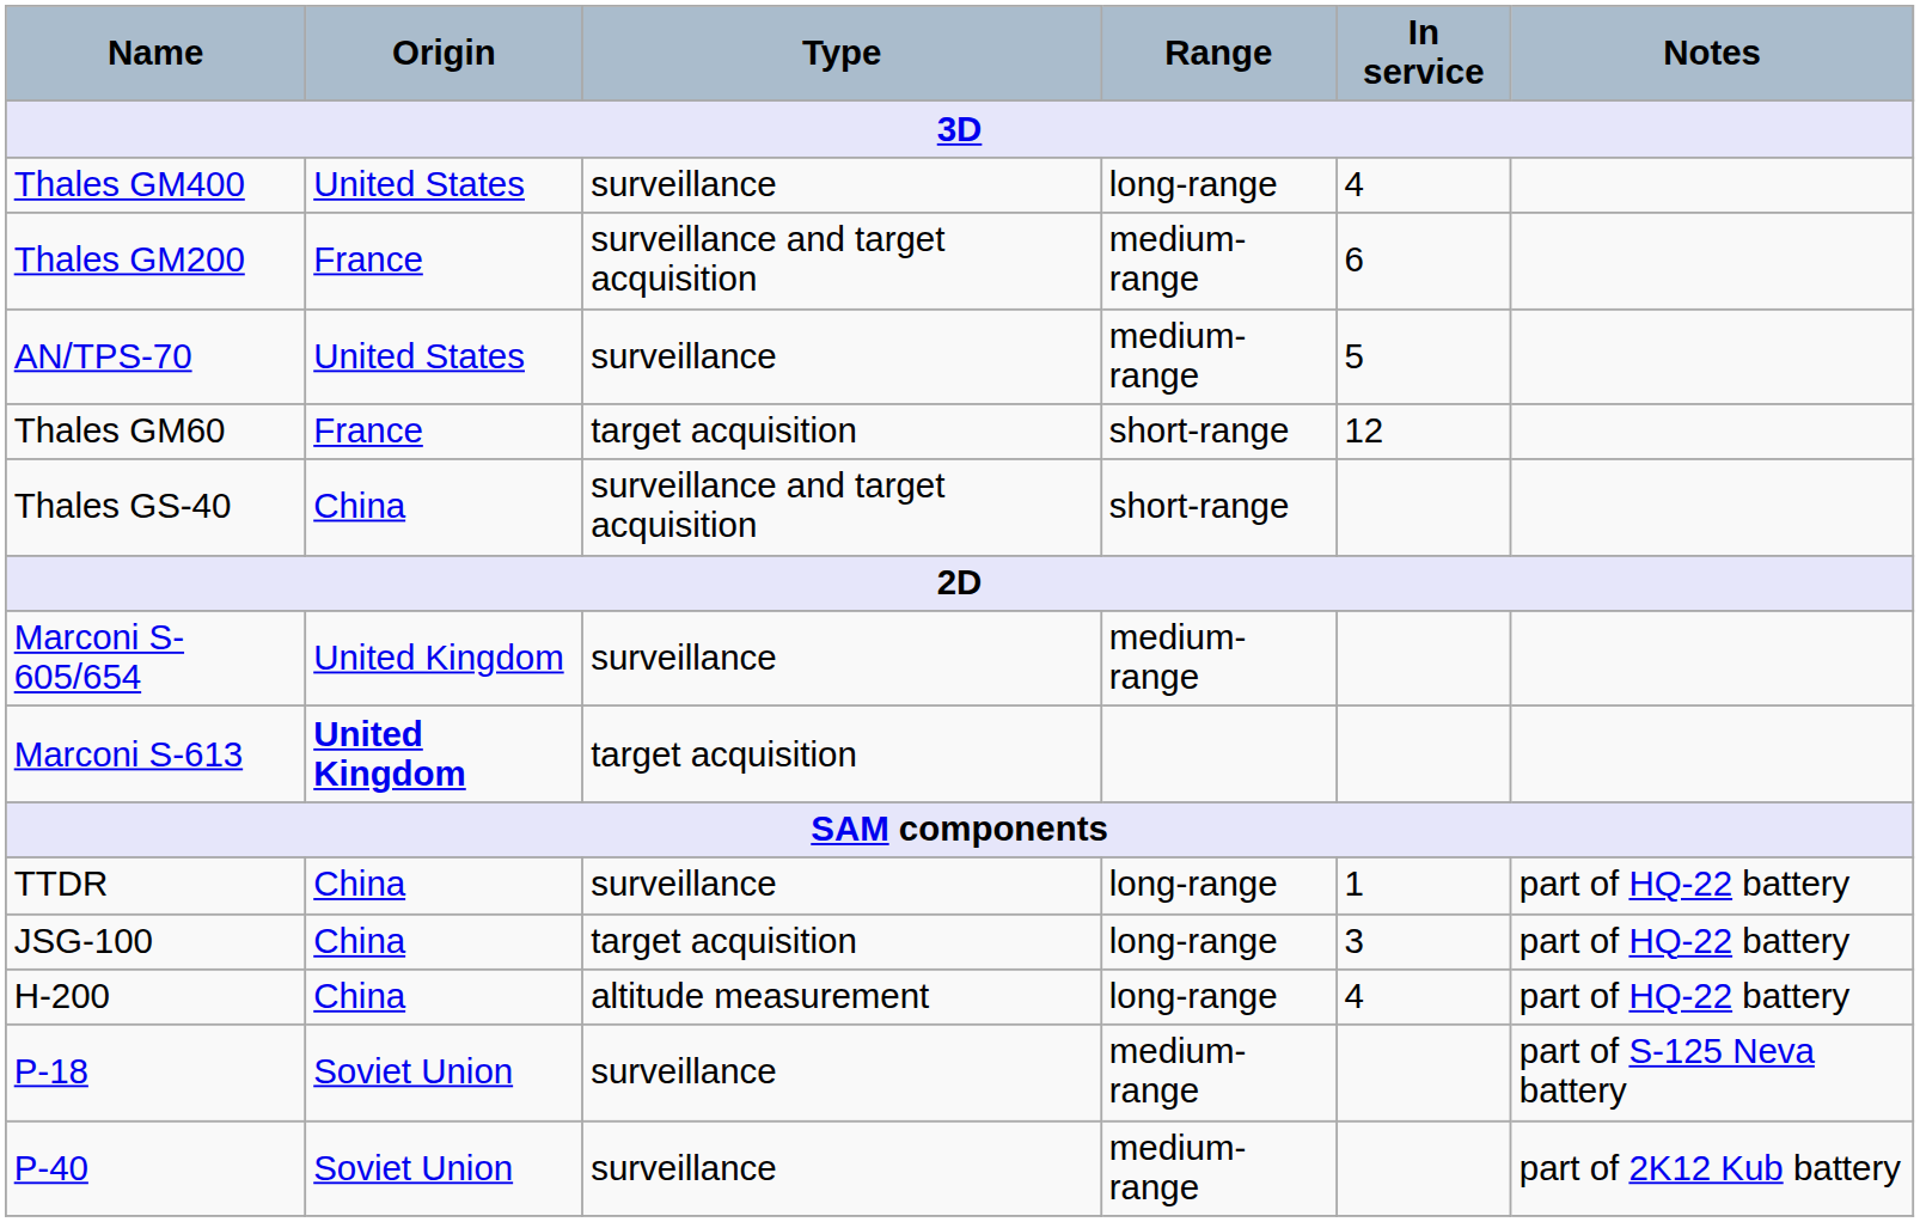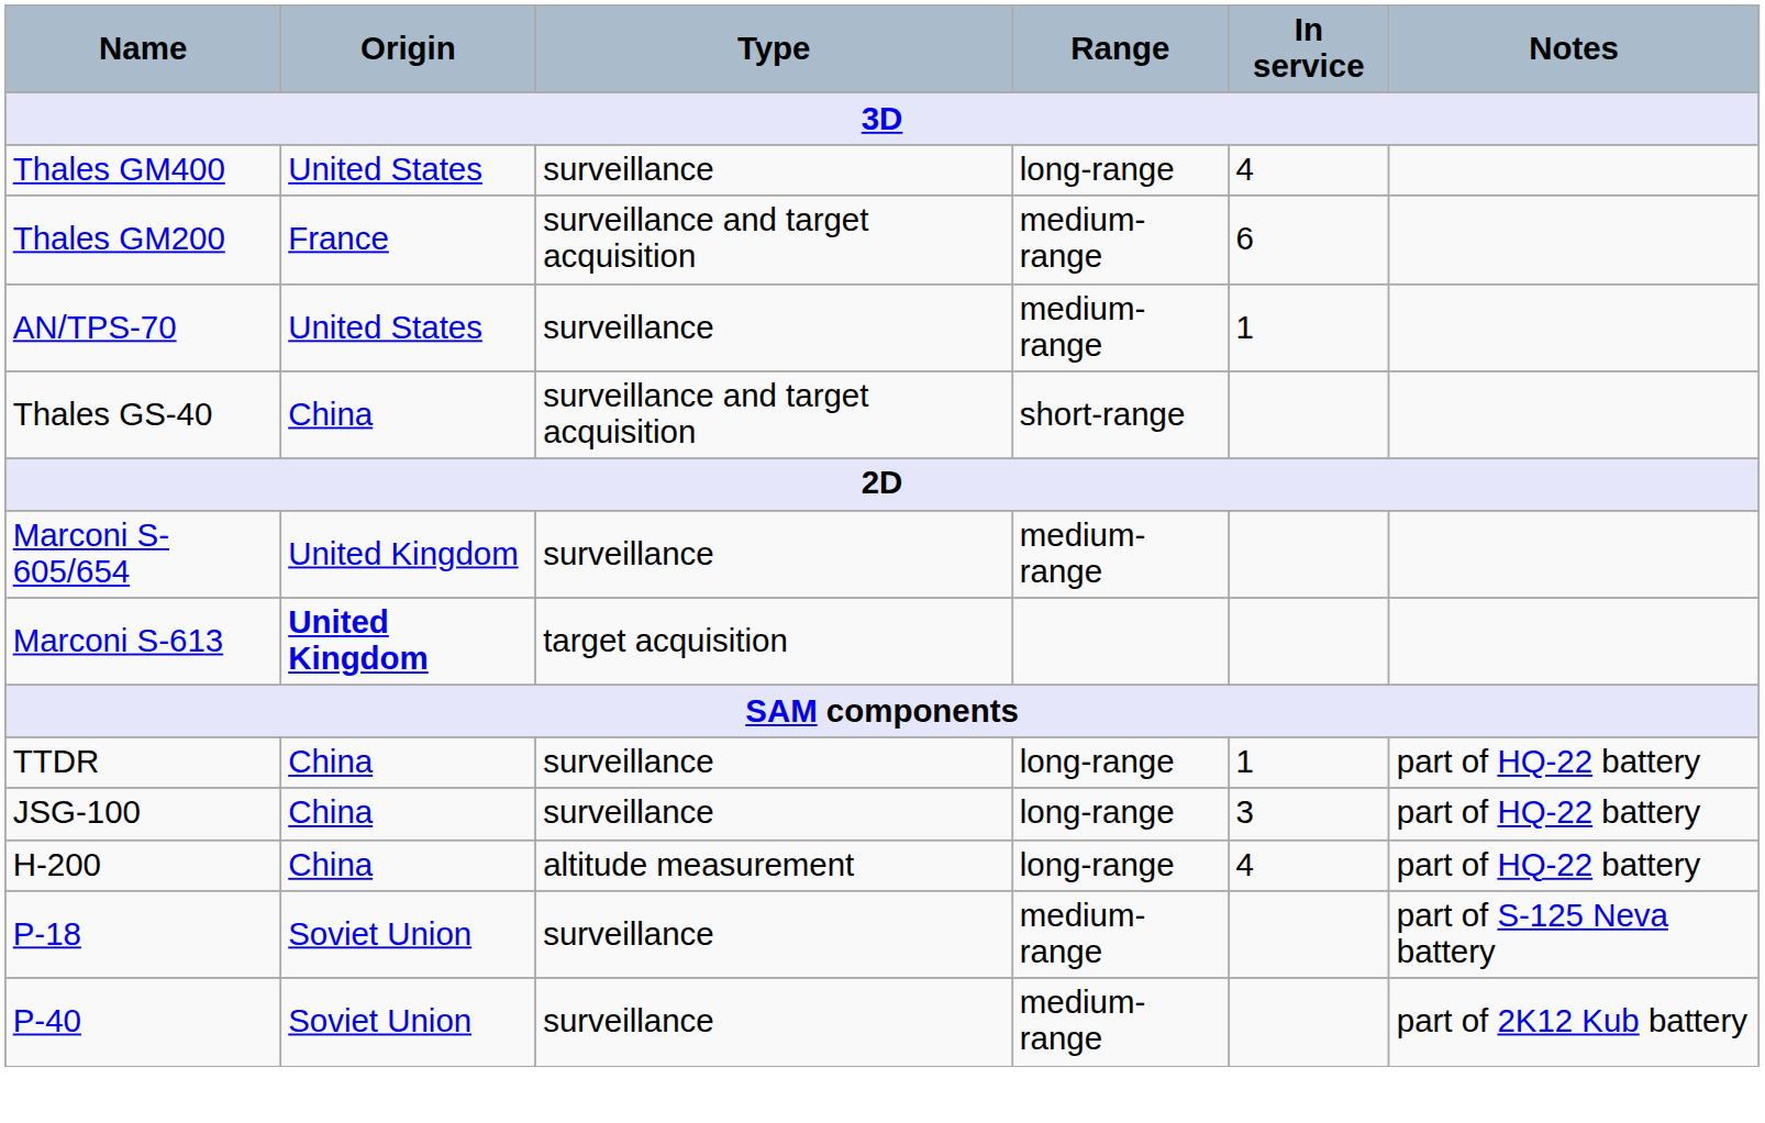 <table class="wikitable">
 <tr>
 <th style="text-align:center; background:#aabccc;">Name</th>
 <th style="text-align: center; background:#aabccc;">Origin</th>
 <th style="text-align:l center; background:#aabccc;">Type</th>
 <th style="text-align:l center; background:#aabccc;">Range</th>
 <th style="text-align:l center; background:#aabccc;">In service</th>
 <th style="text-align: center; background:#aabccc;">Notes</th>
 </tr>
 <tr>
 <th colspan="6" style="align: center; background: lavender;"><a href='#'>3D</a></th>
 </tr>
 <tr>
 <td><a href='#'>Thales GM400</a></td>
 <td><a href='#'>United States</a></td>
 <td>surveillance</td>
 <td>long-range</td>
 <td>4</td>
 <td></td>
 </tr>
 <tr>
 <td><a href='#'>Thales GM200</a></td>
 <td><a href='#'>France</a></td>
 <td>surveillance and target acquisition</td>
 <td>medium-range</td>
 <td>6</td>
 <td></td>
 </tr>
 <tr>
 <td><a href='#'>AN/TPS-70</a></td>
 <td><a href='#'>United States</a></td>
 <td>surveillance</td>
 <td>medium-range</td>
-<td>5</td>
-<td></td>
-</tr>
-<tr>
-<td>Thales GM60</td>
-<td><a href='#'>France</a></td>
-<td>target acquisition</td>
-<td>short-range</td>
-<td>12</td>
+<td>1</td>
 <td></td>
 </tr>
 <tr>
 <td>Thales GS-40</td>
 <td><a href='#'>China</a></td>
 <td>surveillance and target acquisition</td>
 <td>short-range</td>
 <td></td>
 <td></td>
 </tr>
 <tr>
 <th colspan="6" style="align: center; background: lavender;">2D</th>
 </tr>
 <tr>
 <td><a href='#'>Marconi S-605/654</a></td>
 <td><a href='#'>United Kingdom</a></td>
 <td>surveillance</td>
 <td>medium-range</td>
 <td></td>
 <td></td>
 </tr>
 <tr>
 <td><a href='#'>Marconi S-613</a></td>
 <td><strong><a href='#'>United Kingdom</a></strong></td>
 <td>target acquisition</td>
 <td></td>
 <td></td>
 <td></td>
 </tr>
 <tr>
 <th colspan="6" style="align: center; background: lavender;"><a href='#'>SAM</a> components</th>
 </tr>
 <tr>
 <td>TTDR</td>
 <td><a href='#'>China</a></td>
 <td>surveillance</td>
 <td>long-range</td>
 <td>1</td>
 <td>part of <a href='#'>HQ-22</a> battery</td>
 </tr>
 <tr>
 <td>JSG-100</td>
 <td><a href='#'>China</a></td>
-<td>target acquisition</td>
+<td>surveillance</td>
 <td>long-range</td>
 <td>3</td>
 <td>part of <a href='#'>HQ-22</a> battery</td>
 </tr>
 <tr>
 <td>H-200</td>
 <td><a href='#'>China</a></td>
 <td>altitude measurement</td>
 <td>long-range</td>
 <td>4</td>
 <td>part of <a href='#'>HQ-22</a> battery</td>
 </tr>
 <tr>
 <td><a href='#'>P-18</a></td>
 <td><a href='#'>Soviet Union</a></td>
 <td>surveillance</td>
 <td>medium-range</td>
 <td></td>
 <td>part of <a href='#'>S-125 Neva</a> battery</td>
 </tr>
 <tr>
 <td><a href='#'>P-40</a></td>
 <td><a href='#'>Soviet Union</a></td>
 <td>surveillance</td>
 <td>medium-range</td>
 <td></td>
 <td>part of <a href='#'>2K12 Kub</a> battery</td>
 </tr>
 </table>
